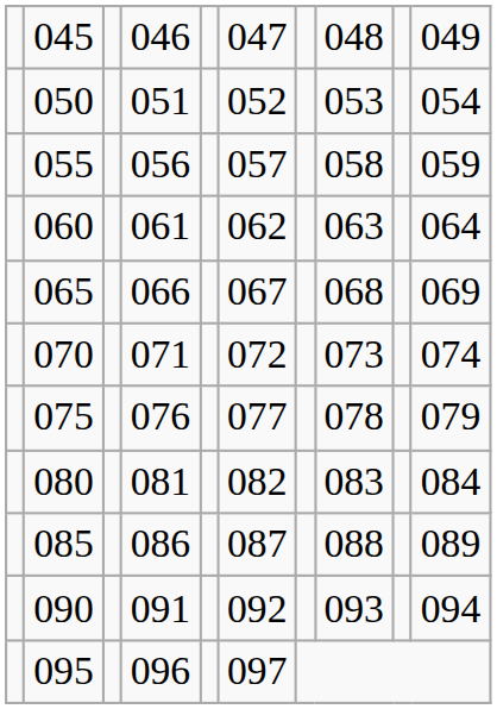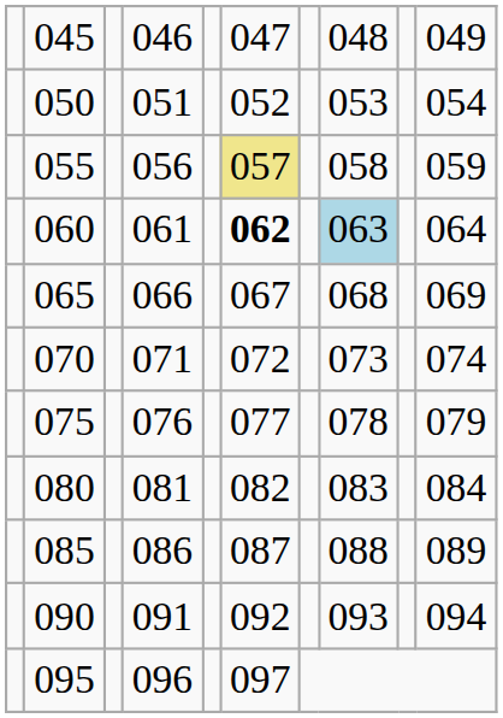 <table class="wikitable" style="text-align:center">
 <tr>
 <td></td>
 <td>045<br><big></big></td>
 <td></td>
 <td>046<br><big></big></td>
 <td></td>
 <td>047<br><big></big></td>
 <td></td>
 <td>048<br><big></big></td>
 <td></td>
 <td>049<br><big></big></td>
 </tr>
 <tr>
 <td></td>
 <td>050<br><big></big></td>
 <td></td>
 <td>051<br><big></big></td>
 <td></td>
 <td>052<br><big></big></td>
 <td></td>
 <td>053<br><big></big></td>
 <td></td>
 <td>054<br><big></big></td>
 </tr>
 <tr>
 <td></td>
 <td>055<br><big></big></td>
 <td></td>
 <td>056<br><big></big></td>
 <td></td>
-<td>057<br><big></big></td>
+<td style="background: khaki;">057<br><big></big></td>
 <td></td>
 <td>058<br><big></big></td>
 <td></td>
 <td>059<br><big></big></td>
 </tr>
 <tr>
 <td></td>
 <td>060<br><big></big></td>
 <td></td>
 <td>061<br><big></big></td>
 <td></td>
-<td>062<br><big></big></td>
+<td><strong>062<br><big></big></strong></td>
 <td></td>
-<td>063<br><big></big></td>
+<td style="background: lightblue;">063<br><big></big></td>
 <td></td>
 <td>064<br><big></big></td>
 </tr>
 <tr>
 <td></td>
 <td>065<br><big></big></td>
 <td></td>
 <td>066<br><big></big></td>
 <td></td>
 <td>067<br><big></big></td>
 <td></td>
 <td>068<br><big></big></td>
 <td></td>
 <td>069<br><big></big></td>
 </tr>
 <tr>
 <td></td>
 <td>070<br><big></big></td>
 <td></td>
 <td>071<br><big></big></td>
 <td></td>
 <td>072<br><big></big></td>
 <td></td>
 <td>073<br><big></big></td>
 <td></td>
 <td>074<br><big></big></td>
 </tr>
 <tr>
 <td></td>
 <td>075<br><big></big></td>
 <td></td>
 <td>076<br><big></big></td>
 <td></td>
 <td>077<br><big></big></td>
 <td></td>
 <td>078<br><big></big></td>
 <td></td>
 <td>079<br><big></big></td>
 </tr>
 <tr>
 <td></td>
 <td>080<br><big></big></td>
 <td></td>
 <td>081<br><big></big></td>
 <td></td>
 <td>082<br><big></big></td>
 <td></td>
 <td>083<br><big></big></td>
 <td></td>
 <td>084<br><big></big></td>
 </tr>
 <tr>
 <td></td>
 <td>085<br><big></big></td>
 <td></td>
 <td>086<br><big></big></td>
 <td></td>
 <td>087<br><big></big></td>
 <td></td>
 <td>088<br><big></big></td>
 <td></td>
 <td>089<br><big></big></td>
 </tr>
 <tr>
 <td></td>
 <td>090<br><big></big></td>
 <td></td>
 <td>091<br><big></big></td>
 <td></td>
 <td>092<br><big></big></td>
 <td></td>
 <td>093<br><big></big></td>
 <td></td>
 <td>094<br><big></big></td>
 </tr>
 <tr>
 <td></td>
 <td>095<br><big></big></td>
 <td></td>
 <td>096<br><big></big></td>
 <td></td>
 <td>097<br><big></big></td>
 </tr>
 </table>
